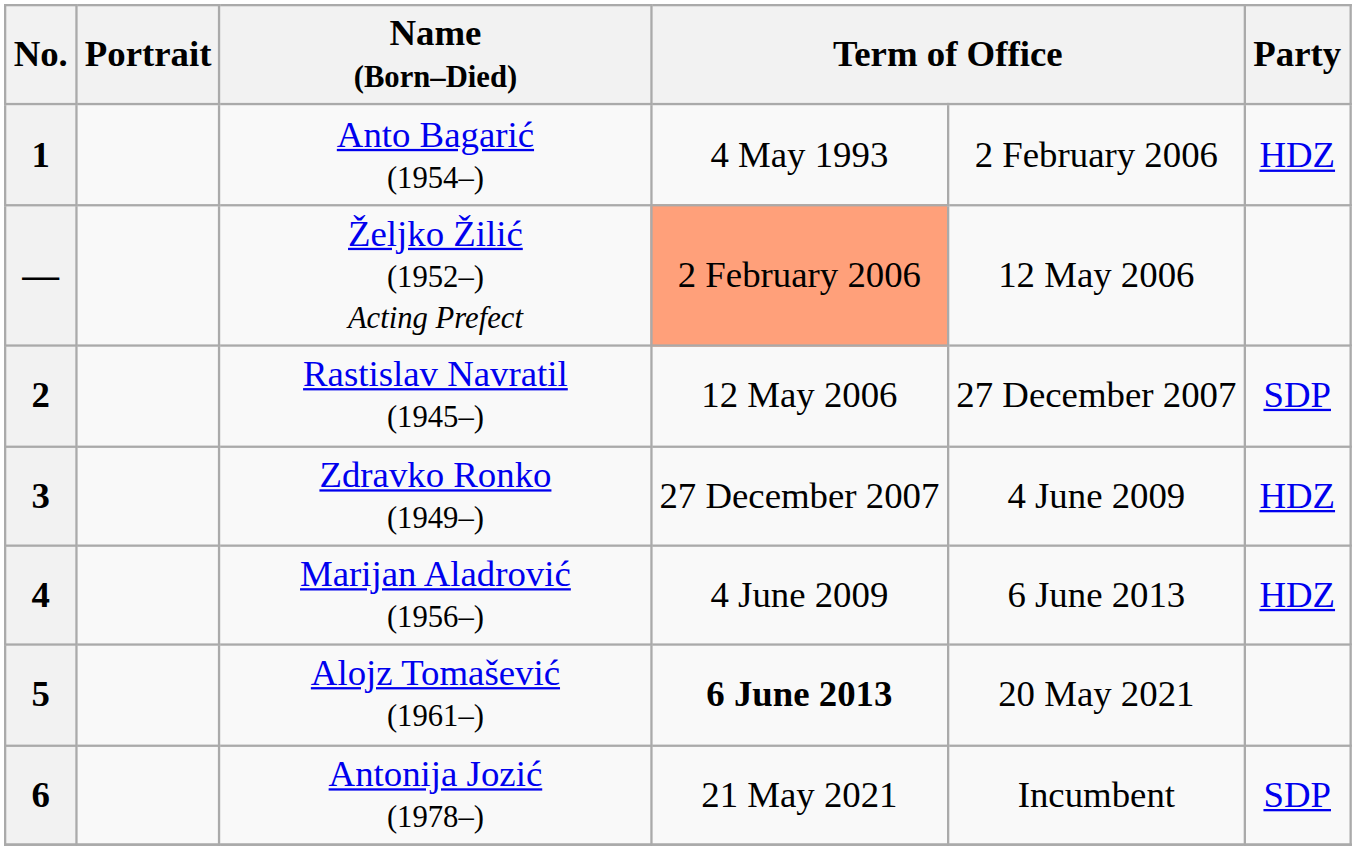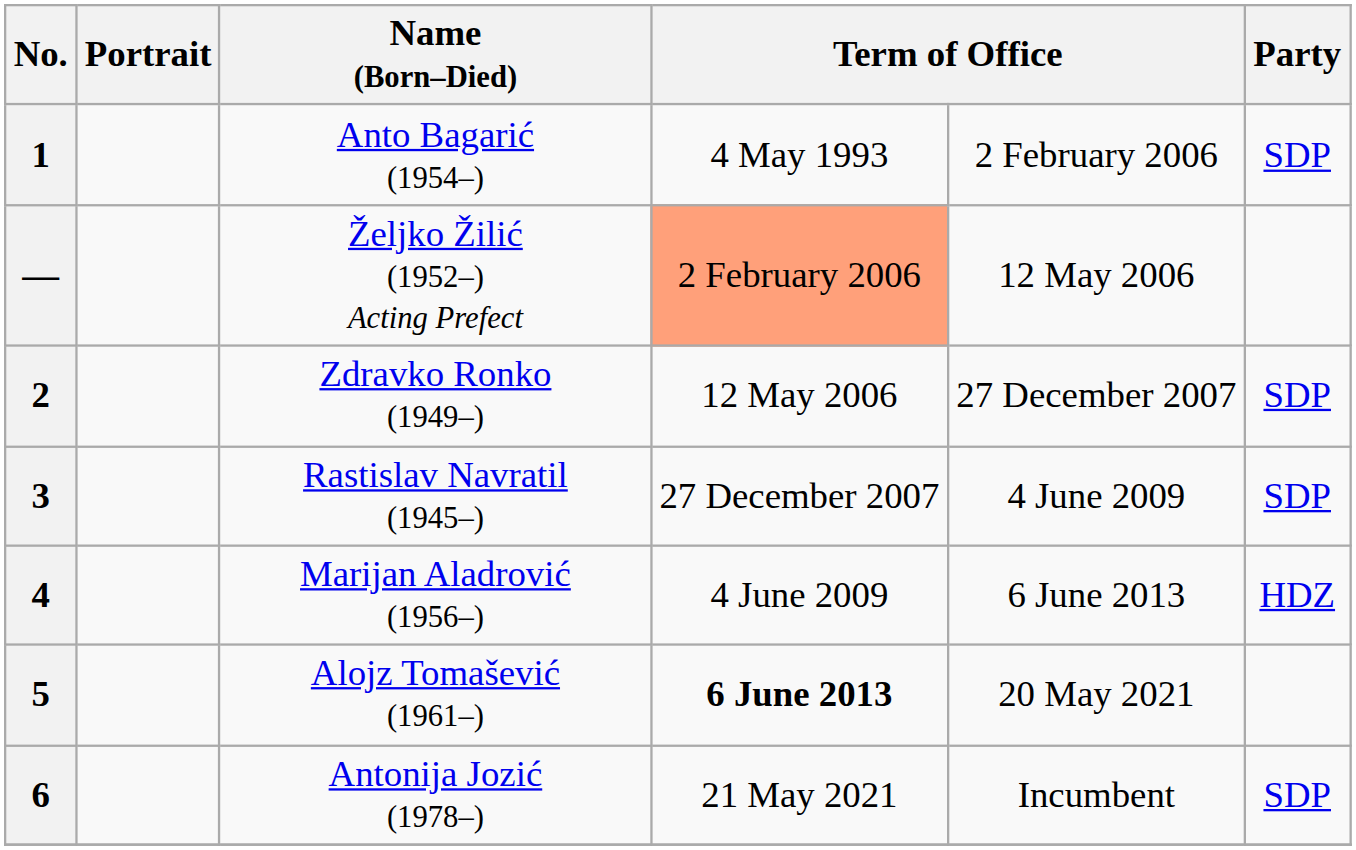 <table class="wikitable" style="text-align:center">
 <tr ->
 <th>No.</th>
 <th>Portrait</th>
 <th width=180>Name<br><small>(Born–Died)</small></th>
 <th colspan=2>Term of Office</th>
 <th>Party</th>
 </tr>
 <tr ->
 <th style="background:">1</th>
 <td></td>
 <td><a href='#'>Anto Bagarić</a><br><small>(1954–)</small></td>
 <td>4 May 1993</td>
 <td>2 February 2006</td>
-<td><a href='#'>HDZ</a></td>
+<td><a href='#'>SDP</a></td>
 </tr>
 <tr ->
 <th>—</th>
 <td></td>
 <td><a href='#'>Željko Žilić</a><br><small>(1952–)</small><br><small><em>Acting Prefect</em></small></td>
 <td style="background: lightsalmon;">2 February 2006</td>
 <td>12 May 2006</td>
 <td></td>
 </tr>
 <tr ->
 <th style="background:">2</th>
 <td></td>
-<td><a href='#'>Rastislav Navratil</a><br><small>(1945–)</small></td>
+<td><a href='#'>Zdravko Ronko</a><br><small>(1949–)</small></td>
 <td>12 May 2006</td>
 <td>27 December 2007</td>
 <td><a href='#'>SDP</a></td>
 </tr>
 <tr ->
 <th style="background:">3</th>
 <td></td>
-<td><a href='#'>Zdravko Ronko</a><br><small>(1949–)</small></td>
+<td><a href='#'>Rastislav Navratil</a><br><small>(1945–)</small></td>
 <td>27 December 2007</td>
 <td>4 June 2009</td>
-<td><a href='#'>HDZ</a></td>
+<td><a href='#'>SDP</a></td>
 </tr>
 <tr ->
 <th style="background:">4</th>
 <td></td>
 <td><a href='#'>Marijan Aladrović</a><br><small>(1956–)</small></td>
 <td>4 June 2009</td>
 <td>6 June 2013</td>
 <td><a href='#'>HDZ</a></td>
 </tr>
 <tr ->
 <th style="background:">5</th>
 <td></td>
 <td><a href='#'>Alojz Tomašević</a><br><small>(1961–)</small></td>
 <td><strong>6 June 2013</strong></td>
 <td>20 May 2021</td>
 <td></td>
 </tr>
 <tr ->
 <th style="background:">6</th>
 <td></td>
 <td><a href='#'>Antonija Jozić</a><br><small>(1978–)</small></td>
 <td>21 May 2021</td>
 <td>Incumbent</td>
 <td><a href='#'>SDP</a></td>
 </tr>
 <tr ->
 </tr>
 </table>
